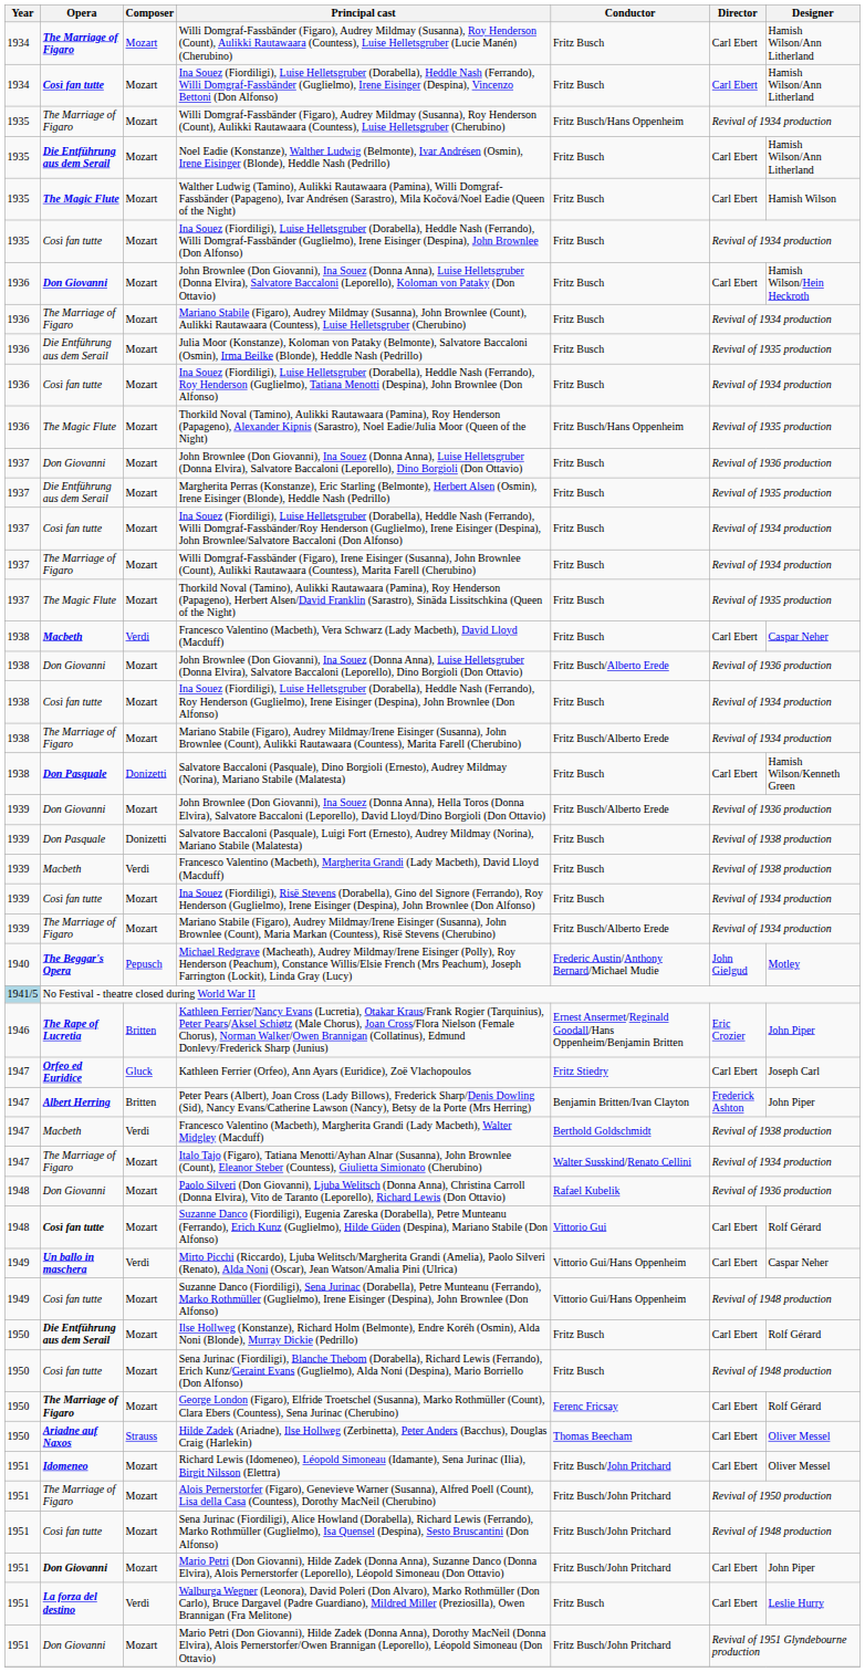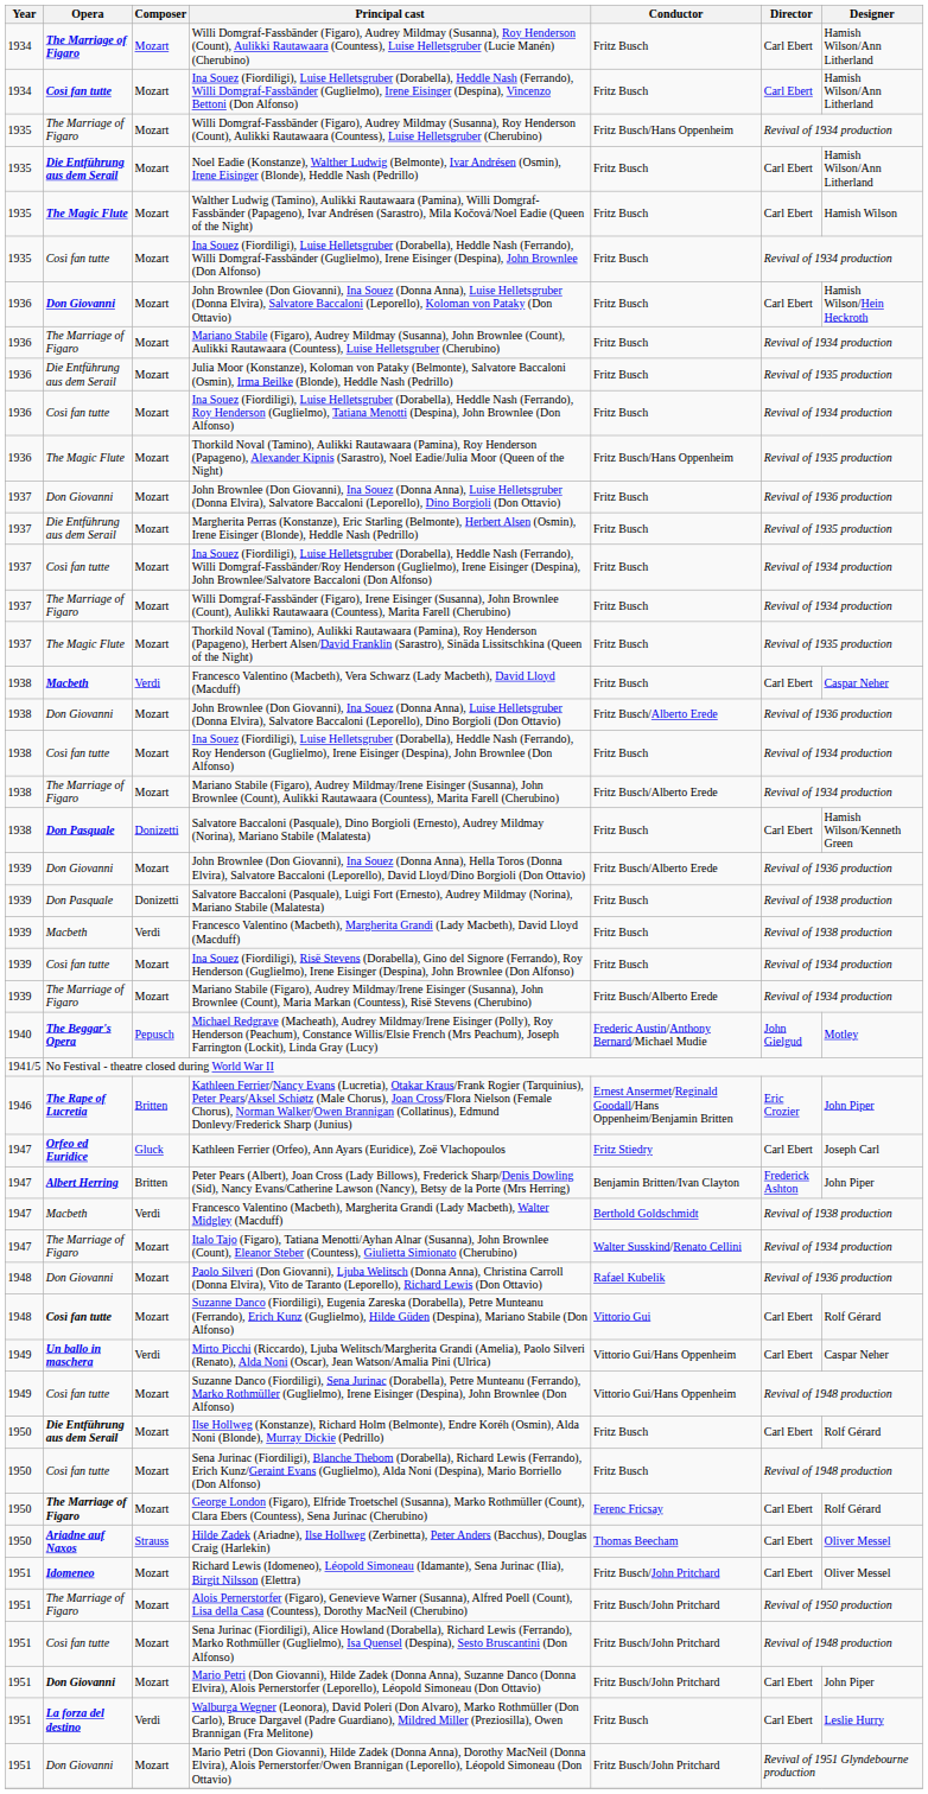 <table class="wikitable sortable">
 <tr>
 <th>Year</th>
 <th>Opera</th>
 <th>Composer</th>
 <th>Principal cast</th>
 <th>Conductor</th>
 <th>Director</th>
 <th>Designer</th>
 </tr>
 <tr>
 <td>1934</td>
 <td><strong><em><a href='#'>The Marriage of Figaro</a></em></strong></td>
 <td> <a href='#'>Mozart</a></td>
 <td> Willi Domgraf-Fassbänder (Figaro), Audrey Mildmay (Susanna), <a href='#'>Roy Henderson</a> (Count), <a href='#'>Aulikki Rautawaara</a> (Countess), <a href='#'>Luise Helletsgruber</a> (Lucie Manén)  (Cherubino)</td>
 <td> Fritz Busch</td>
 <td> Carl Ebert</td>
 <td> Hamish Wilson/Ann Litherland</td>
 </tr>
 <tr>
 <td>1934</td>
 <td><strong><em><a href='#'>Così fan tutte</a></em></strong></td>
 <td> Mozart</td>
 <td> <a href='#'>Ina Souez</a> (Fiordiligi), <a href='#'>Luise Helletsgruber</a> (Dorabella), <a href='#'>Heddle Nash</a> (Ferrando), <a href='#'>Willi Domgraf-Fassbänder</a> (Guglielmo), <a href='#'>Irene Eisinger</a> (Despina), <a href='#'>Vincenzo Bettoni</a> (Don Alfonso)</td>
 <td> Fritz Busch</td>
 <td> <a href='#'>Carl Ebert</a></td>
 <td> Hamish Wilson/Ann Litherland</td>
 </tr>
 <tr>
 <td>1935</td>
 <td> <em>The Marriage of Figaro</em></td>
 <td> Mozart</td>
 <td> Willi Domgraf-Fassbänder (Figaro), Audrey Mildmay (Susanna), Roy Henderson (Count), Aulikki Rautawaara (Countess), <a href='#'>Luise Helletsgruber</a> (Cherubino)</td>
 <td> Fritz Busch/Hans Oppenheim</td>
 <td colspan="2"> <em>Revival of 1934 production</em></td>
 </tr>
 <tr>
 <td>1935</td>
 <td> <strong><em><a href='#'>Die Entführung aus dem Serail</a></em></strong></td>
 <td> Mozart</td>
 <td> Noel Eadie (Konstanze), <a href='#'>Walther Ludwig</a> (Belmonte), <a href='#'>Ivar Andrésen</a> (Osmin), <a href='#'>Irene Eisinger</a> (Blonde), Heddle Nash (Pedrillo)</td>
 <td> Fritz Busch</td>
 <td> Carl Ebert</td>
 <td> Hamish Wilson/Ann Litherland</td>
 </tr>
 <tr>
 <td>1935</td>
 <td><strong><em><a href='#'>The Magic Flute</a></em></strong></td>
 <td> Mozart</td>
 <td> Walther Ludwig (Tamino), Aulikki Rautawaara (Pamina), Willi Domgraf-Fassbänder (Papageno), Ivar Andrésen (Sarastro), Mìla Kočová/Noel Eadie (Queen of the Night)</td>
 <td> Fritz Busch</td>
 <td> Carl Ebert</td>
 <td> Hamish Wilson</td>
 </tr>
 <tr>
 <td>1935</td>
 <td><em>Così fan tutte</em></td>
 <td> Mozart</td>
 <td> <a href='#'>Ina Souez</a> (Fiordiligi), <a href='#'>Luise Helletsgruber</a> (Dorabella), Heddle Nash (Ferrando), Willi Domgraf-Fassbänder (Guglielmo), Irene Eisinger (Despina), <a href='#'>John Brownlee</a> (Don Alfonso)</td>
 <td> Fritz Busch</td>
 <td colspan="2"> <em>Revival of 1934 production</em></td>
 </tr>
 <tr>
 <td>1936</td>
 <td> <strong><em><a href='#'>Don Giovanni</a></em></strong></td>
 <td> Mozart</td>
 <td> John Brownlee (Don Giovanni), <a href='#'>Ina Souez</a> (Donna Anna), <a href='#'>Luise Helletsgruber</a> (Donna Elvira), <a href='#'>Salvatore Baccaloni</a> (Leporello), <a href='#'>Koloman von Pataky</a> (Don Ottavio)</td>
 <td> Fritz Busch</td>
 <td> Carl Ebert</td>
 <td> Hamish Wilson/<a href='#'>Hein Heckroth</a></td>
 </tr>
 <tr>
 <td>1936</td>
 <td><em>The Marriage of Figaro</em></td>
 <td> Mozart</td>
 <td> <a href='#'>Mariano Stabile</a> (Figaro), Audrey Mildmay (Susanna), John Brownlee (Count), Aulikki Rautawaara (Countess), <a href='#'>Luise Helletsgruber</a> (Cherubino)</td>
 <td> Fritz Busch</td>
 <td colspan="2"> <em>Revival of 1934 production</em></td>
 </tr>
 <tr>
 <td>1936</td>
 <td><em>Die Entführung aus dem Serail</em></td>
 <td> Mozart</td>
 <td> Julia Moor (Konstanze), Koloman von Pataky (Belmonte), Salvatore Baccaloni (Osmin), <a href='#'>Irma Beilke</a> (Blonde), Heddle Nash (Pedrillo)</td>
 <td> Fritz Busch</td>
 <td colspan="2"> <em>Revival of 1935  production</em></td>
 </tr>
 <tr>
 <td>1936</td>
 <td><em>Così fan tutte</em></td>
 <td> Mozart</td>
 <td> <a href='#'>Ina Souez</a> (Fiordiligi), <a href='#'>Luise Helletsgruber</a> (Dorabella), Heddle Nash (Ferrando), <a href='#'>Roy Henderson</a> (Guglielmo), <a href='#'>Tatiana Menotti</a> (Despina), John Brownlee (Don Alfonso)</td>
 <td> Fritz Busch</td>
 <td colspan="2"> <em>Revival of 1934 production</em></td>
 </tr>
 <tr>
 <td>1936</td>
 <td><em>The Magic Flute</em></td>
 <td> Mozart</td>
 <td> Thorkild Noval (Tamino), Aulikki Rautawaara (Pamina), Roy Henderson (Papageno), <a href='#'>Alexander Kipnis</a> (Sarastro), Noel Eadie/Julia Moor (Queen of the Night)</td>
 <td> Fritz Busch/Hans Oppenheim</td>
 <td colspan="2"> <em>Revival of 1935 production</em></td>
 </tr>
 <tr>
 <td>1937</td>
 <td> <em>Don Giovanni</em></td>
 <td> Mozart</td>
 <td> John Brownlee (Don Giovanni), <a href='#'>Ina Souez</a> (Donna Anna), <a href='#'>Luise Helletsgruber</a> (Donna Elvira), Salvatore Baccaloni (Leporello), <a href='#'>Dino Borgioli</a> (Don Ottavio)</td>
 <td> Fritz Busch</td>
 <td colspan="2"> <em>Revival of 1936 production</em></td>
 </tr>
 <tr>
 <td>1937</td>
 <td><em>Die Entführung aus dem Serail</em></td>
 <td> Mozart</td>
 <td> Margherita Perras (Konstanze), Eric Starling (Belmonte), <a href='#'>Herbert Alsen</a> (Osmin), Irene Eisinger (Blonde), Heddle Nash (Pedrillo)</td>
 <td> Fritz Busch</td>
 <td colspan="2"> <em>Revival of 1935 production</em></td>
 </tr>
 <tr>
 <td>1937</td>
 <td><em>Così fan tutte</em></td>
 <td> Mozart</td>
 <td> <a href='#'>Ina Souez</a> (Fiordiligi), <a href='#'>Luise Helletsgruber</a> (Dorabella), Heddle Nash (Ferrando), Willi Domgraf-Fassbänder/Roy Henderson (Guglielmo), Irene Eisinger (Despina), John Brownlee/Salvatore Baccaloni (Don Alfonso)</td>
 <td> Fritz Busch</td>
 <td colspan="2"> <em>Revival of 1934 production</em></td>
 </tr>
 <tr>
 <td>1937</td>
 <td><em>The Marriage of Figaro</em></td>
 <td> Mozart</td>
 <td> Willi Domgraf-Fassbänder (Figaro), Irene Eisinger (Susanna), John Brownlee (Count), Aulikki Rautawaara (Countess), Marita Farell (Cherubino)</td>
 <td> Fritz Busch</td>
 <td colspan="2"> <em>Revival of 1934 production</em></td>
 </tr>
 <tr>
 <td>1937</td>
 <td><em>The Magic Flute</em></td>
 <td> Mozart</td>
 <td> Thorkild Noval (Tamino), Aulikki Rautawaara (Pamina), Roy Henderson (Papageno), Herbert Alsen/<a href='#'>David Franklin</a> (Sarastro), Sinäda Lissitschkina (Queen of the Night)</td>
 <td> Fritz Busch</td>
 <td colspan="2"> <em>Revival of 1935 production</em></td>
 </tr>
 <tr>
 <td>1938</td>
 <td><strong><em><a href='#'>Macbeth</a></em></strong></td>
 <td> <a href='#'>Verdi</a></td>
 <td> Francesco Valentino (Macbeth), Vera Schwarz (Lady Macbeth), <a href='#'>David Lloyd</a> (Macduff)</td>
 <td> Fritz Busch</td>
 <td> Carl Ebert</td>
 <td> <a href='#'>Caspar Neher</a></td>
 </tr>
 <tr>
 <td>1938</td>
 <td><em>Don Giovanni</em></td>
 <td> Mozart</td>
 <td> John Brownlee (Don Giovanni), <a href='#'>Ina Souez</a> (Donna Anna), <a href='#'>Luise Helletsgruber</a> (Donna Elvira), Salvatore Baccaloni (Leporello), Dino Borgioli (Don Ottavio)</td>
 <td> Fritz Busch/<a href='#'>Alberto Erede</a></td>
 <td colspan="2"> <em>Revival of 1936 production</em></td>
 </tr>
 <tr>
 <td>1938</td>
 <td><em>Così fan tutte</em></td>
 <td> Mozart</td>
 <td> <a href='#'>Ina Souez</a> (Fiordiligi), <a href='#'>Luise Helletsgruber</a> (Dorabella), Heddle Nash (Ferrando), Roy Henderson (Guglielmo), Irene Eisinger (Despina), John Brownlee (Don Alfonso)</td>
 <td> Fritz Busch</td>
 <td colspan="2"> <em>Revival of 1934 production</em></td>
 </tr>
 <tr>
 <td>1938</td>
 <td><em>The Marriage of Figaro</em></td>
 <td> Mozart</td>
 <td> Mariano Stabile (Figaro), Audrey Mildmay/Irene Eisinger (Susanna), John Brownlee (Count), Aulikki Rautawaara (Countess), Marita Farell (Cherubino)</td>
 <td> Fritz Busch/Alberto Erede</td>
 <td colspan="2"> <em>Revival of 1934 production</em></td>
 </tr>
 <tr>
 <td>1938</td>
 <td><strong><em><a href='#'>Don Pasquale</a></em></strong></td>
 <td> <a href='#'>Donizetti</a></td>
 <td> Salvatore Baccaloni (Pasquale), Dino Borgioli (Ernesto), Audrey Mildmay (Norina), Mariano Stabile (Malatesta)</td>
 <td> Fritz Busch</td>
 <td> Carl Ebert</td>
 <td> Hamish Wilson/Kenneth Green</td>
 </tr>
 <tr>
 <td>1939</td>
 <td><em>Don Giovanni</em></td>
 <td> Mozart</td>
 <td> John Brownlee (Don Giovanni), <a href='#'>Ina Souez</a> (Donna Anna), Hella Toros (Donna Elvira), Salvatore Baccaloni (Leporello), David Lloyd/Dino Borgioli (Don Ottavio)</td>
 <td> Fritz Busch/Alberto Erede</td>
 <td colspan="2"> <em>Revival of 1936 production</em></td>
 </tr>
 <tr>
 <td>1939</td>
 <td><em>Don Pasquale</em></td>
 <td> Donizetti</td>
 <td> Salvatore Baccaloni (Pasquale), Luigi Fort (Ernesto), Audrey Mildmay (Norina), Mariano Stabile (Malatesta)</td>
 <td> Fritz Busch</td>
 <td colspan="2"> <em>Revival of 1938 production</em></td>
 </tr>
 <tr>
 <td>1939</td>
 <td><em>Macbeth</em></td>
 <td> Verdi</td>
 <td> Francesco Valentino (Macbeth), <a href='#'>Margherita Grandi</a> (Lady Macbeth), David Lloyd (Macduff)</td>
 <td> Fritz Busch</td>
 <td colspan="2"> <em>Revival of 1938 production</em></td>
 </tr>
 <tr>
 <td>1939</td>
 <td><em>Così fan tutte</em></td>
 <td> Mozart</td>
 <td> <a href='#'>Ina Souez</a> (Fiordiligi), <a href='#'>Risë Stevens</a> (Dorabella), Gino del Signore (Ferrando), Roy Henderson (Guglielmo), Irene Eisinger (Despina), John Brownlee (Don Alfonso)</td>
 <td> Fritz Busch</td>
 <td colspan="2"> <em>Revival of 1934 production</em></td>
 </tr>
 <tr>
 <td>1939</td>
 <td><em>The Marriage of Figaro</em></td>
 <td> Mozart</td>
 <td> Mariano Stabile (Figaro), Audrey Mildmay/Irene Eisinger (Susanna), John Brownlee (Count), Maria Markan (Countess), Risë Stevens (Cherubino)</td>
 <td> Fritz Busch/Alberto Erede</td>
 <td colspan="2"> <em>Revival of 1934 production</em></td>
 </tr>
 <tr>
 <td>1940</td>
 <td><strong><em><a href='#'>The Beggar's Opera</a></em></strong></td>
 <td> <a href='#'>Pepusch</a></td>
 <td> <a href='#'>Michael Redgrave</a> (Macheath), Audrey Mildmay/Irene Eisinger (Polly), Roy Henderson (Peachum), Constance Willis/Elsie French (Mrs Peachum), Joseph Farrington (Lockit), Linda Gray (Lucy)</td>
 <td> <a href='#'>Frederic Austin</a>/<a href='#'>Anthony Bernard</a>/Michael Mudie</td>
 <td> <a href='#'>John Gielgud</a></td>
 <td> <a href='#'>Motley</a></td>
 </tr>
 <tr>
-<td style="background: lightblue;">1941/5</td>
+<td>1941/5</td>
 <td colspan="6">No Festival - theatre closed during <a href='#'>World War II</a></td>
 </tr>
 <tr>
 <td>1946</td>
 <td><strong><em><a href='#'>The Rape of Lucretia</a></em></strong></td>
 <td> <a href='#'>Britten</a></td>
 <td> <a href='#'>Kathleen Ferrier</a>/<a href='#'>Nancy Evans</a> (Lucretia), <a href='#'>Otakar Kraus</a>/Frank Rogier (Tarquinius), <a href='#'>Peter Pears</a>/<a href='#'>Aksel Schiøtz</a> (Male Chorus), <a href='#'>Joan Cross</a>/Flora Nielson (Female Chorus), <a href='#'>Norman Walker</a>/<a href='#'>Owen Brannigan</a> (Collatinus), Edmund Donlevy/Frederick Sharp (Junius)</td>
 <td> <a href='#'>Ernest Ansermet</a>/<a href='#'>Reginald Goodall</a>/Hans Oppenheim/Benjamin Britten</td>
 <td> <a href='#'>Eric Crozier</a></td>
 <td> <a href='#'>John Piper</a></td>
 </tr>
 <tr>
 <td>1947</td>
 <td><strong><em><a href='#'>Orfeo ed Euridice</a></em></strong></td>
 <td> <a href='#'>Gluck</a></td>
 <td> Kathleen Ferrier (Orfeo), Ann Ayars (Euridice), Zoë Vlachopoulos</td>
 <td> <a href='#'>Fritz Stiedry</a></td>
 <td> Carl Ebert</td>
 <td> Joseph Carl</td>
 </tr>
 <tr>
 <td>1947</td>
 <td><strong><em><a href='#'>Albert Herring</a></em></strong></td>
 <td> Britten</td>
 <td> Peter Pears (Albert), Joan Cross (Lady Billows), Frederick Sharp/<a href='#'>Denis Dowling</a> (Sid), Nancy Evans/Catherine Lawson (Nancy), Betsy de la Porte (Mrs Herring)</td>
 <td> Benjamin Britten/Ivan Clayton</td>
 <td> <a href='#'>Frederick Ashton</a></td>
 <td> John Piper</td>
 </tr>
 <tr>
 <td>1947</td>
 <td><em>Macbeth</em></td>
 <td> Verdi</td>
 <td> Francesco Valentino (Macbeth), Margherita Grandi (Lady Macbeth), <a href='#'>Walter Midgley</a> (Macduff)</td>
 <td> <a href='#'>Berthold Goldschmidt</a></td>
 <td colspan="2"> <em>Revival of 1938 production</em></td>
 </tr>
 <tr>
 <td>1947</td>
 <td><em>The Marriage of Figaro</em></td>
 <td> Mozart</td>
 <td> <a href='#'>Italo Tajo</a> (Figaro), Tatiana Menotti/Ayhan Alnar (Susanna), John Brownlee (Count), <a href='#'>Eleanor Steber</a> (Countess), <a href='#'>Giulietta Simionato</a> (Cherubino)</td>
 <td> <a href='#'>Walter Susskind</a>/<a href='#'>Renato Cellini</a></td>
 <td colspan="2"> <em>Revival of 1934 production</em></td>
 </tr>
 <tr>
 <td>1948</td>
 <td><em>Don Giovanni</em></td>
 <td> Mozart</td>
 <td> <a href='#'>Paolo Silveri</a> (Don Giovanni), <a href='#'>Ljuba Welitsch</a> (Donna Anna), Christina Carroll (Donna Elvira), Vito de Taranto (Leporello), <a href='#'>Richard Lewis</a> (Don Ottavio)</td>
 <td> <a href='#'>Rafael Kubelik</a></td>
 <td colspan="2"> <em>Revival of 1936  production</em></td>
 </tr>
 <tr>
 <td>1948</td>
 <td><strong><em>Così fan tutte</em></strong></td>
 <td> Mozart</td>
 <td> <a href='#'>Suzanne Danco</a> (Fiordiligi), Eugenia Zareska (Dorabella), Petre Munteanu (Ferrando), <a href='#'>Erich Kunz</a> (Guglielmo), <a href='#'>Hilde Güden</a> (Despina), Mariano Stabile (Don Alfonso)</td>
 <td> <a href='#'>Vittorio Gui</a></td>
 <td> Carl Ebert</td>
 <td> Rolf Gérard</td>
 </tr>
 <tr>
 <td>1949</td>
 <td> <strong><em><a href='#'>Un ballo in maschera</a> </em></strong></td>
 <td> Verdi</td>
 <td> <a href='#'>Mirto Picchi</a> (Riccardo), Ljuba Welitsch/Margherita Grandi (Amelia), Paolo Silveri (Renato), <a href='#'>Alda Noni</a> (Oscar), Jean Watson/Amalia Pini (Ulrica)</td>
 <td> Vittorio Gui/Hans Oppenheim</td>
 <td> Carl Ebert</td>
 <td> Caspar Neher</td>
 </tr>
 <tr>
 <td>1949</td>
 <td><em>Così fan tutte</em></td>
 <td> Mozart</td>
 <td> Suzanne Danco (Fiordiligi), <a href='#'>Sena Jurinac</a> (Dorabella), Petre Munteanu (Ferrando), <a href='#'>Marko Rothmüller</a> (Guglielmo), Irene Eisinger (Despina), John Brownlee (Don Alfonso)</td>
 <td> Vittorio Gui/Hans Oppenheim</td>
 <td colspan="2"> <em>Revival of 1948 production</em></td>
 </tr>
 <tr>
 <td>1950</td>
 <td><strong><em>Die Entführung aus dem Serail</em></strong></td>
 <td> Mozart</td>
 <td> <a href='#'>Ilse Hollweg</a> (Konstanze), Richard Holm (Belmonte), Endre Koréh (Osmin), Alda Noni (Blonde), <a href='#'>Murray Dickie</a> (Pedrillo)</td>
 <td> Fritz Busch</td>
 <td> Carl Ebert</td>
 <td> Rolf Gérard</td>
 </tr>
 <tr>
 <td>1950</td>
 <td><em>Così fan tutte</em></td>
 <td> Mozart</td>
 <td> Sena Jurinac (Fiordiligi), <a href='#'>Blanche Thebom</a> (Dorabella), Richard Lewis (Ferrando), Erich Kunz/<a href='#'>Geraint Evans</a> (Guglielmo), Alda Noni (Despina), Mario Borriello (Don Alfonso)</td>
 <td> Fritz Busch</td>
 <td colspan="2"> <em>Revival of 1948 production</em></td>
 </tr>
 <tr>
 <td>1950</td>
 <td><strong><em>The Marriage of Figaro</em></strong></td>
 <td> Mozart</td>
 <td> <a href='#'>George London</a> (Figaro), Elfride Troetschel (Susanna), Marko Rothmüller (Count), Clara Ebers (Countess), Sena Jurinac (Cherubino)</td>
 <td> <a href='#'>Ferenc Fricsay</a></td>
 <td> Carl Ebert</td>
 <td> Rolf Gérard</td>
 </tr>
 <tr>
 <td>1950</td>
 <td><strong><em><a href='#'>Ariadne auf Naxos</a></em></strong></td>
 <td> <a href='#'>Strauss</a></td>
 <td> <a href='#'>Hilde Zadek</a> (Ariadne), <a href='#'>Ilse Hollweg</a> (Zerbinetta), <a href='#'>Peter Anders</a> (Bacchus), Douglas Craig (Harlekin)</td>
 <td> <a href='#'>Thomas Beecham</a></td>
 <td> Carl Ebert</td>
 <td> <a href='#'>Oliver Messel</a></td>
 </tr>
 <tr>
 <td>1951</td>
 <td><strong><em><a href='#'>Idomeneo</a></em></strong></td>
 <td> Mozart</td>
 <td> Richard Lewis (Idomeneo), <a href='#'>Léopold Simoneau</a> (Idamante), Sena Jurinac (Ilia), <a href='#'>Birgit Nilsson</a> (Elettra)</td>
 <td> Fritz Busch/<a href='#'>John Pritchard</a></td>
 <td> Carl Ebert</td>
 <td> Oliver Messel</td>
 </tr>
 <tr>
 <td>1951</td>
 <td><em>The Marriage of Figaro</em></td>
 <td> Mozart</td>
 <td> <a href='#'>Alois Pernerstorfer</a> (Figaro), Genevieve Warner (Susanna), Alfred Poell (Count), <a href='#'>Lisa della Casa</a> (Countess), Dorothy MacNeil (Cherubino)</td>
 <td> Fritz Busch/John Pritchard</td>
 <td colspan="2"> <em>Revival of  1950 production</em></td>
 </tr>
 <tr>
 <td>1951</td>
 <td><em>Così fan tutte</em></td>
 <td> Mozart</td>
 <td> Sena Jurinac (Fiordiligi), Alice Howland (Dorabella), Richard Lewis (Ferrando), Marko Rothmüller (Guglielmo), <a href='#'>Isa Quensel</a> (Despina), <a href='#'>Sesto Bruscantini</a> (Don Alfonso)</td>
 <td> Fritz Busch/John Pritchard</td>
 <td colspan="2"> <em>Revival of  1948 production</em></td>
 </tr>
 <tr>
 <td>1951</td>
 <td><strong><em>Don Giovanni</em></strong></td>
 <td> Mozart</td>
 <td> <a href='#'>Mario Petri</a> (Don Giovanni), Hilde Zadek (Donna Anna), Suzanne Danco (Donna Elvira), Alois Pernerstorfer (Leporello), Léopold Simoneau (Don Ottavio)</td>
 <td> Fritz Busch/John Pritchard</td>
 <td> Carl Ebert</td>
 <td> John Piper</td>
 </tr>
 <tr>
 <td>1951</td>
 <td><strong><em><a href='#'>La forza del destino</a></em></strong></td>
 <td> Verdi</td>
 <td> <a href='#'>Walburga Wegner</a> (Leonora), David Poleri (Don Alvaro), Marko Rothmüller (Don Carlo), Bruce Dargavel (Padre Guardiano), <a href='#'>Mildred Miller</a> (Preziosilla), Owen Brannigan (Fra Melitone)</td>
 <td> Fritz Busch</td>
 <td> Carl Ebert</td>
 <td> <a href='#'>Leslie Hurry</a></td>
 </tr>
 <tr>
 <td>1951</td>
 <td><em>Don Giovanni</em></td>
 <td> Mozart</td>
 <td> Mario Petri (Don Giovanni), Hilde Zadek (Donna Anna), Dorothy MacNeil  (Donna Elvira), Alois Pernerstorfer/Owen Brannigan (Leporello), Léopold Simoneau (Don Ottavio)</td>
 <td> Fritz Busch/John Pritchard</td>
 <td colspan="2"> <em>Revival of  1951 Glyndebourne production</em></td>
 </tr>
 <tr>
 </tr>
 </table>
